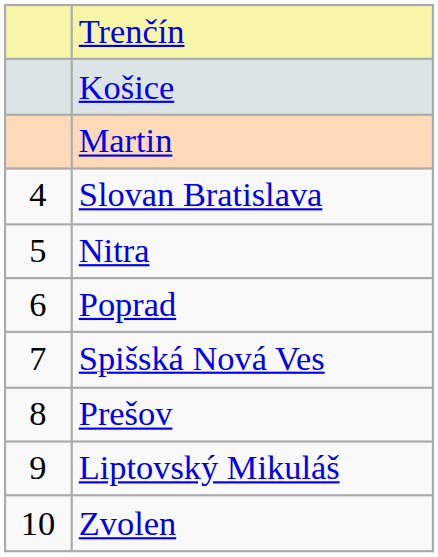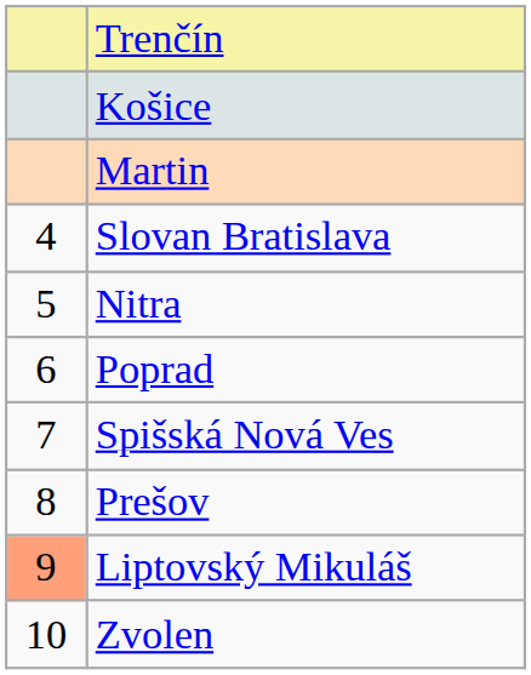 <table class="wikitable" style="width:200px;">
 <tr style="background:#F7F6A8;">
 <td align=center></td>
 <td><a href='#'>Trenčín</a></td>
 </tr>
 <tr style="background:#DCE5E5;">
 <td align=center></td>
 <td><a href='#'>Košice</a></td>
 </tr>
 <tr style="background:#FFDAB9;">
 <td align=center></td>
 <td><a href='#'>Martin</a></td>
 </tr>
 <tr>
 <td align=center>4</td>
 <td><a href='#'>Slovan Bratislava</a></td>
 </tr>
 <tr>
 <td align=center>5</td>
 <td><a href='#'>Nitra</a></td>
 </tr>
 <tr>
 <td align=center>6</td>
 <td><a href='#'>Poprad</a></td>
 </tr>
 <tr>
 <td align=center>7</td>
 <td><a href='#'>Spišská Nová Ves</a></td>
 </tr>
 <tr>
 <td align=center>8</td>
 <td><a href='#'>Prešov</a></td>
 </tr>
 <tr>
-<td align=center>9</td>
+<td align=center style="background: lightsalmon;">9</td>
 <td><a href='#'>Liptovský Mikuláš</a></td>
 </tr>
 <tr>
 <td align=center>10</td>
 <td><a href='#'>Zvolen</a></td>
 </tr>
 </table>
